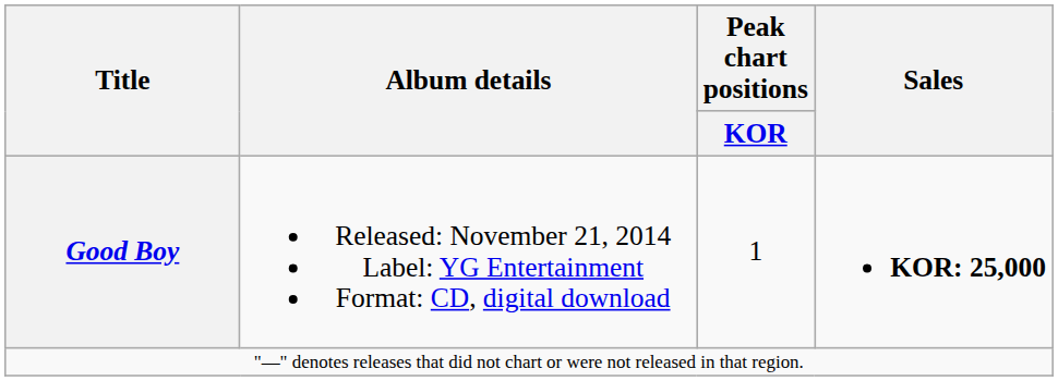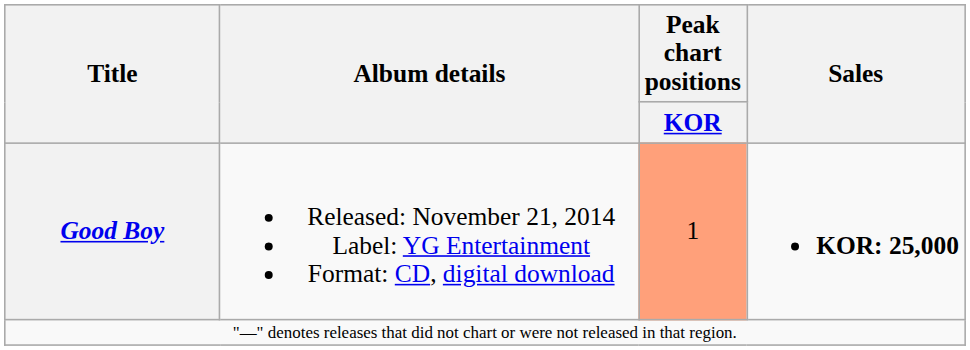 <table class="wikitable plainrowheaders" style="text-align:center;">
 <tr>
 <th rowspan="2" style="width:8em;">Title</th>
 <th rowspan="2" style="width:16em;">Album details</th>
 <th colspan="1">Peak chart positions</th>
 <th rowspan="2">Sales</th>
 </tr>
 <tr>
 <th width="30"><a href='#'>KOR</a><br></th>
 </tr>
 <tr>
 <th scope="row"><em><a href='#'>Good Boy</a></em></th>
 <td><br><ul><li>Released: November 21, 2014</li><li>Label: <a href='#'>YG Entertainment</a></li><li>Format: <a href='#'>CD</a>, <a href='#'>digital download</a></li></ul></td>
-<td align="center">1</td>
+<td align="center" style="background: lightsalmon;">1</td>
 <td><strong><br><ul><li>KOR: 25,000</li></ul></strong></td>
 </tr>
 <tr>
 <td align="center" colspan="6" style="font-size:8pt">"—" denotes releases that did not chart or were not released in that region.</td>
 </tr>
 </table>
